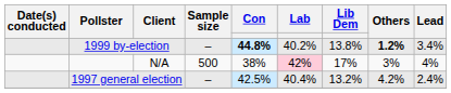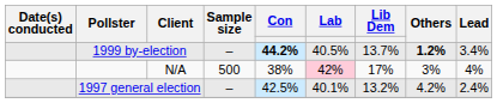 <table class="wikitable sortable mw-datatable" style="text-align:center;font-size:90%;line-height:14px;">
 <tr>
 <th rowspan="2">Date(s)<br>conducted</th>
 <th rowspan="2">Pollster</th>
 <th rowspan="2">Client</th>
 <th rowspan="2" data-sort-type="number">Sample<br>size</th>
 <th class="unsortable" style="width:50px;"><a href='#'>Con</a></th>
 <th class="unsortable" style="width:50px;"><a href='#'>Lab</a></th>
 <th class="unsortable" style="width:50px;"><a href='#'>Lib Dem</a></th>
 <th rowspan="2" class="unsortable" style="width:50px;">Others</th>
 <th rowspan="2" data-sort-type="number">Lead</th>
 </tr>
 <tr>
 <th data-sort-type="number" style="background:"></th>
 <th data-sort-type="number" style="background:"></th>
 <th data-sort-type="number" style="background:"></th>
 </tr>
 <tr style="background:#E9E9E9;">
 <td></td>
 <td colspan=2><a href='#'>1999 by-election</a></td>
 <td>–</td>
-<td style="background:#CCEBFF;"><strong>44.8%</strong></td>
-<td>40.2%</td>
-<td>13.8%</td>
+<td style="background:#CCEBFF;"><strong>44.2%</strong></td>
+<td>40.5%</td>
+<td>13.7%</td>
 <td><strong>1.2%</strong></td>
 <td style="background:">3.4%</td>
 </tr>
 <tr>
 <td></td>
 <td></td>
 <td>N/A</td>
 <td>500</td>
 <td>38%</td>
 <td style="background:#FFCCDA;">42%</td>
 <td>17%</td>
 <td>3%</td>
 <td style="background:">4%</td>
 </tr>
 <tr style="background:#E9E9E9;">
 <td></td>
 <td colspan=2><a href='#'>1997 general election</a></td>
 <td>–</td>
 <td style="background:#CCEBFF;">42.5%</td>
-<td>40.4%</td>
+<td>40.1%</td>
 <td>13.2%</td>
 <td>4.2%</td>
 <td style="background:">2.4%</td>
 </tr>
 <tr>
 </tr>
 </table>
